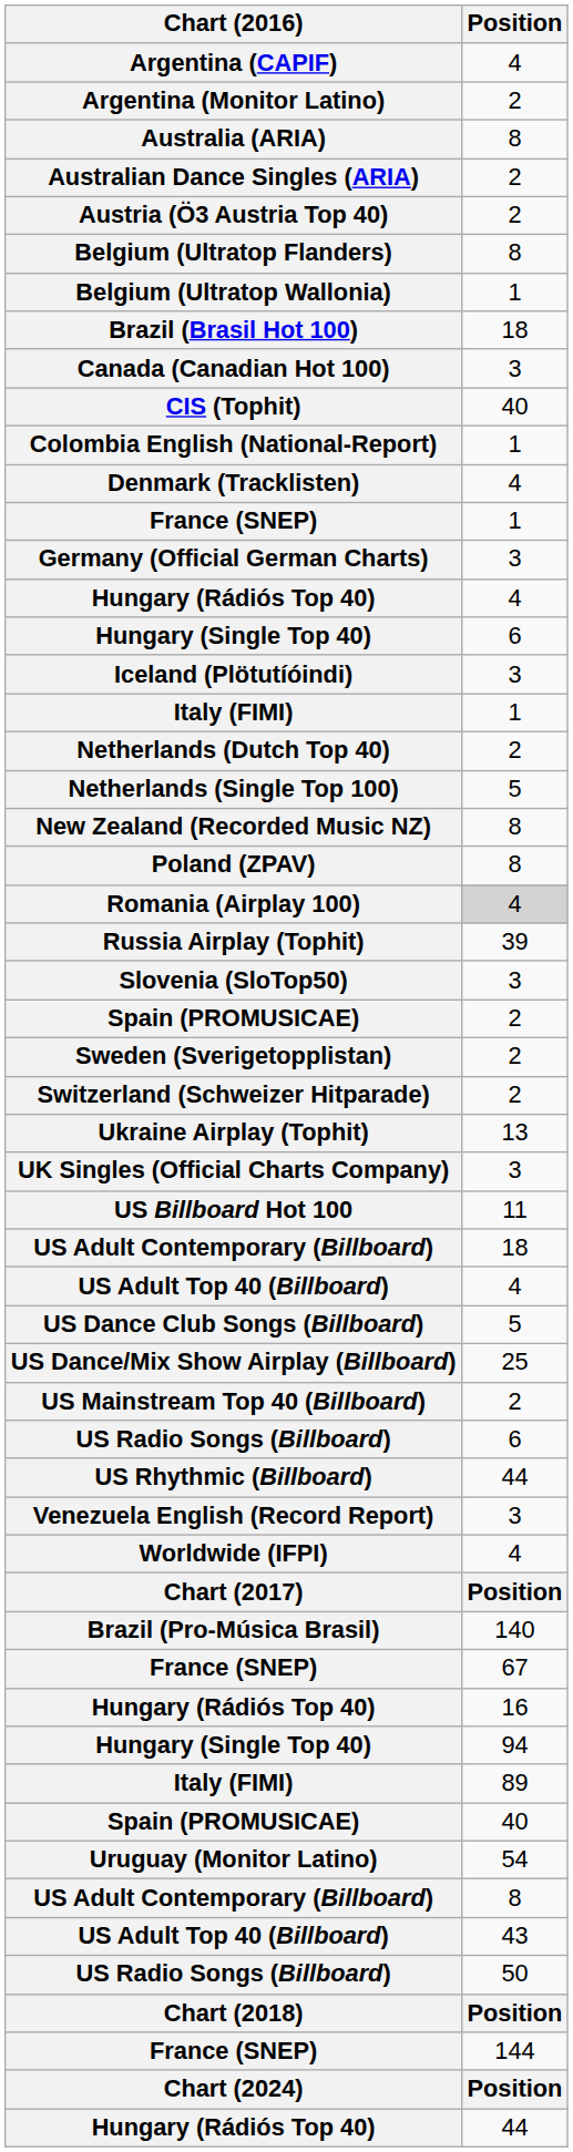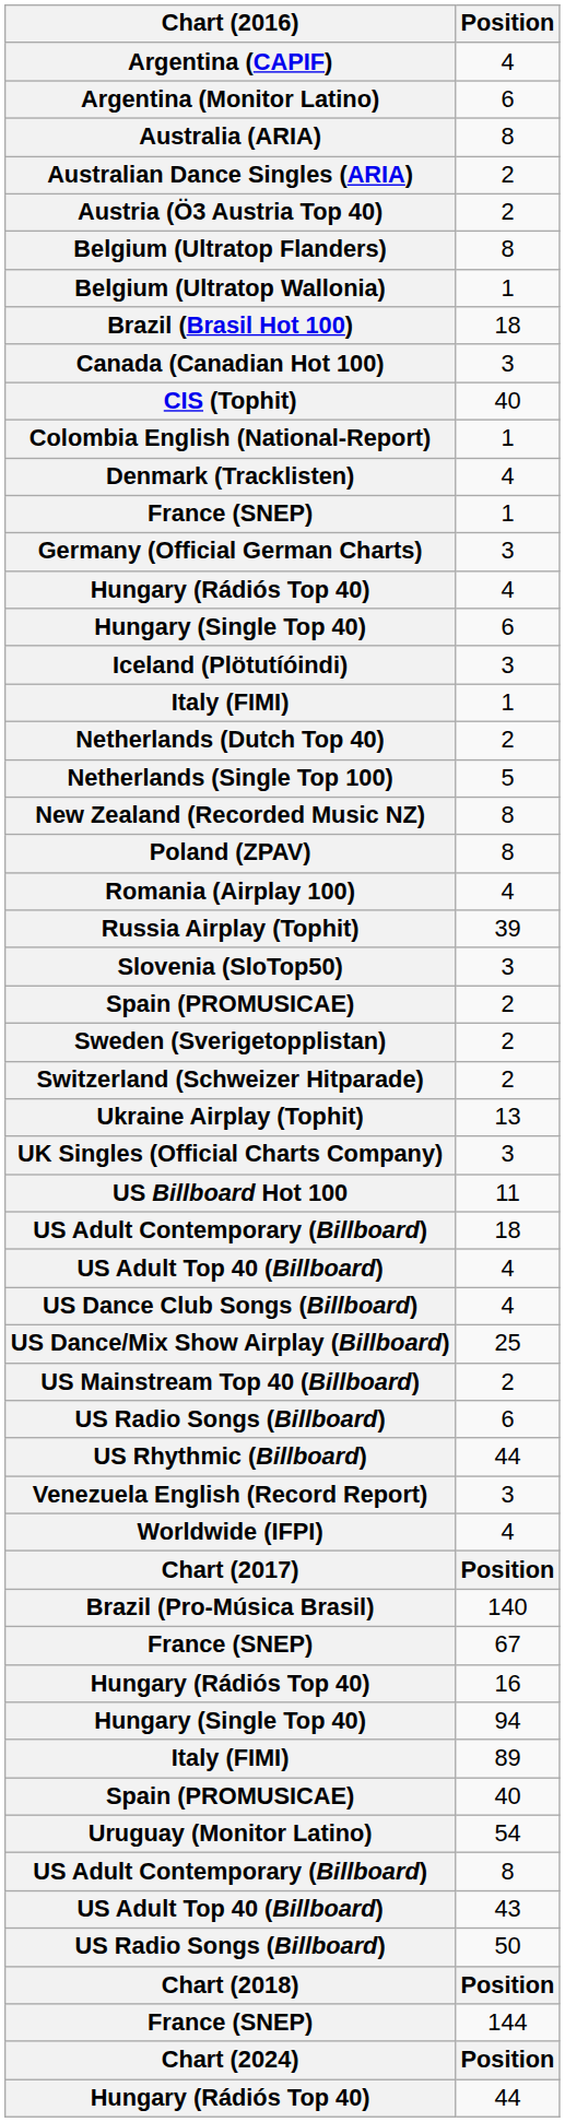 <table class="wikitable plainrowheaders sortable" style="text-align:center">
 <tr>
 <th>Chart (2016)</th>
 <th>Position</th>
 </tr>
 <tr>
 <th scope="row">Argentina (<a href='#'>CAPIF</a>)</th>
 <td>4</td>
 </tr>
 <tr>
 <th scope="row">Argentina (Monitor Latino)</th>
-<td>2</td>
+<td>6</td>
 </tr>
 <tr>
 <th scope="row">Australia (ARIA)</th>
 <td>8</td>
 </tr>
 <tr>
 <th scope="row">Australian Dance Singles (<a href='#'>ARIA</a>)</th>
 <td>2</td>
 </tr>
 <tr>
 <th scope="row">Austria (Ö3 Austria Top 40)</th>
 <td>2</td>
 </tr>
 <tr>
 <th scope="row">Belgium (Ultratop Flanders)</th>
 <td>8</td>
 </tr>
 <tr>
 <th scope="row">Belgium (Ultratop Wallonia)</th>
 <td>1</td>
 </tr>
 <tr>
 <th scope="row">Brazil (<a href='#'>Brasil Hot 100</a>)</th>
 <td>18</td>
 </tr>
 <tr>
 <th scope="row">Canada (Canadian Hot 100)</th>
 <td>3</td>
 </tr>
 <tr>
 <th scope="row"><a href='#'>CIS</a> (Tophit)</th>
 <td style="text-align:center;">40</td>
 </tr>
 <tr>
 <th scope="row">Colombia English (National-Report)</th>
 <td>1</td>
 </tr>
 <tr>
 <th scope="row">Denmark (Tracklisten)</th>
 <td>4</td>
 </tr>
 <tr>
 <th scope="row">France (SNEP)</th>
 <td>1</td>
 </tr>
 <tr>
 <th scope="row">Germany (Official German Charts)</th>
 <td>3</td>
 </tr>
 <tr>
 <th scope="row">Hungary (Rádiós Top 40)</th>
 <td>4</td>
 </tr>
 <tr>
 <th scope="row">Hungary (Single Top 40)</th>
 <td>6</td>
 </tr>
 <tr>
 <th scope="row">Iceland (Plötutíóindi)</th>
 <td>3</td>
 </tr>
 <tr>
 <th scope="row">Italy (FIMI)</th>
 <td>1</td>
 </tr>
 <tr>
 <th scope="row">Netherlands (Dutch Top 40)</th>
 <td>2</td>
 </tr>
 <tr>
 <th scope="row">Netherlands (Single Top 100)</th>
 <td>5</td>
 </tr>
 <tr>
 <th scope="row">New Zealand (Recorded Music NZ)</th>
 <td>8</td>
 </tr>
 <tr>
 <th scope="row">Poland (ZPAV)</th>
 <td>8</td>
 </tr>
 <tr>
 <th scope="row">Romania (Airplay 100)</th>
-<td style="background: lightgrey;">4</td>
+<td>4</td>
 </tr>
 <tr>
 <th scope="row">Russia Airplay (Tophit)</th>
 <td style="text-align:center;">39</td>
 </tr>
 <tr>
 <th scope="row">Slovenia (SloTop50)</th>
 <td>3</td>
 </tr>
 <tr>
 <th scope="row">Spain (PROMUSICAE)</th>
 <td>2</td>
 </tr>
 <tr>
 <th scope="row">Sweden (Sverigetopplistan)</th>
 <td>2</td>
 </tr>
 <tr>
 <th scope="row">Switzerland (Schweizer Hitparade)</th>
 <td>2</td>
 </tr>
 <tr>
 <th scope="row">Ukraine Airplay (Tophit)</th>
 <td style="text-align:center;">13</td>
 </tr>
 <tr>
 <th scope="row">UK Singles (Official Charts Company)</th>
 <td>3</td>
 </tr>
 <tr>
 <th scope="row">US <em>Billboard</em> Hot 100</th>
 <td>11</td>
 </tr>
 <tr>
 <th scope="row">US Adult Contemporary (<em>Billboard</em>)</th>
 <td>18</td>
 </tr>
 <tr>
 <th scope="row">US Adult Top 40 (<em>Billboard</em>)</th>
 <td>4</td>
 </tr>
 <tr>
 <th scope="row">US Dance Club Songs (<em>Billboard</em>)</th>
-<td>5</td>
+<td>4</td>
 </tr>
 <tr>
 <th scope="row">US Dance/Mix Show Airplay (<em>Billboard</em>)</th>
 <td>25</td>
 </tr>
 <tr>
 <th scope="row">US Mainstream Top 40 (<em>Billboard</em>)</th>
 <td>2</td>
 </tr>
 <tr>
 <th scope="row">US Radio Songs (<em>Billboard</em>)</th>
 <td>6</td>
 </tr>
 <tr>
 <th scope="row">US Rhythmic (<em>Billboard</em>)</th>
 <td>44</td>
 </tr>
 <tr>
 <th scope="row">Venezuela English (Record Report)</th>
 <td>3</td>
 </tr>
 <tr>
 <th scope="row">Worldwide (IFPI)</th>
 <td>4</td>
 </tr>
 <tr>
 <th>Chart (2017)</th>
 <th>Position</th>
 </tr>
 <tr>
 <th scope="row">Brazil (Pro-Música Brasil)</th>
 <td>140</td>
 </tr>
 <tr>
 <th scope="row">France (SNEP)</th>
 <td>67</td>
 </tr>
 <tr>
 <th scope="row">Hungary (Rádiós Top 40)</th>
 <td>16</td>
 </tr>
 <tr>
 <th scope="row">Hungary (Single Top 40)</th>
 <td>94</td>
 </tr>
 <tr>
 <th scope="row">Italy (FIMI)</th>
 <td>89</td>
 </tr>
 <tr>
 <th scope="row">Spain (PROMUSICAE)</th>
 <td>40</td>
 </tr>
 <tr>
 <th scope="row">Uruguay (Monitor Latino)</th>
 <td>54</td>
 </tr>
 <tr>
 <th scope="row">US Adult Contemporary (<em>Billboard</em>)</th>
 <td>8</td>
 </tr>
 <tr>
 <th scope="row">US Adult Top 40 (<em>Billboard</em>)</th>
 <td>43</td>
 </tr>
 <tr>
 <th scope="row">US Radio Songs (<em>Billboard</em>)</th>
 <td>50</td>
 </tr>
 <tr>
 <th>Chart (2018)</th>
 <th>Position</th>
 </tr>
 <tr>
 <th scope="row">France (SNEP)</th>
 <td>144</td>
 </tr>
 <tr>
 <th>Chart (2024)</th>
 <th>Position</th>
 </tr>
 <tr>
 <th scope="row">Hungary (Rádiós Top 40)</th>
 <td>44</td>
 </tr>
 </table>
